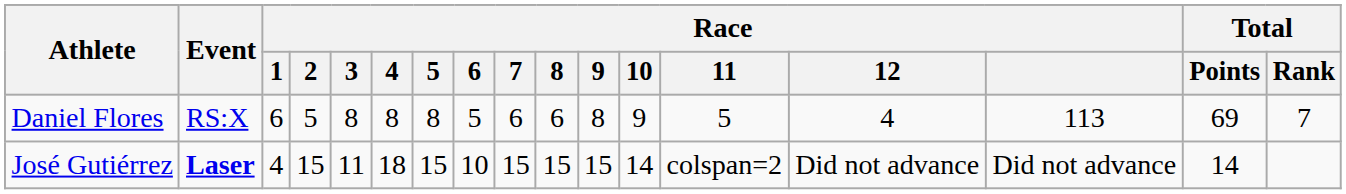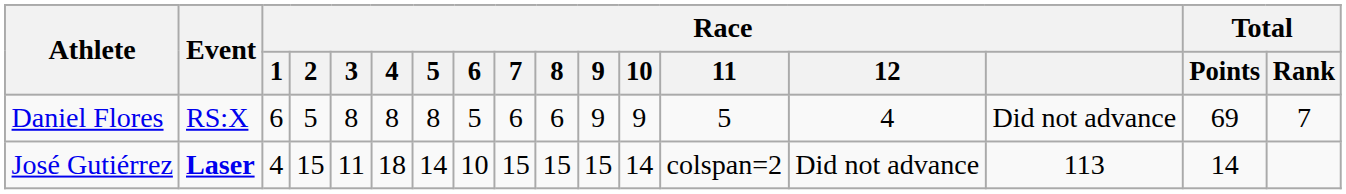 <table class=wikitable style=font-size:90%;text-align:center>
 <tr>
 <th rowspan=2>Athlete</th>
 <th rowspan=2>Event</th>
 <th colspan=13>Race</th>
 <th colspan=2>Total</th>
 </tr>
 <tr style=font-size:95%>
 <th>1</th>
 <th>2</th>
 <th>3</th>
 <th>4</th>
 <th>5</th>
 <th>6</th>
 <th>7</th>
 <th>8</th>
 <th>9</th>
 <th>10</th>
 <th>11</th>
 <th>12</th>
 <th></th>
 <th>Points</th>
 <th>Rank</th>
 </tr>
 <tr>
 <td align=left><a href='#'>Daniel Flores</a></td>
 <td align=left><a href='#'>RS:X</a></td>
 <td>6</td>
 <td>5</td>
 <td>8</td>
 <td>8</td>
 <td>8</td>
 <td>5</td>
 <td>6</td>
 <td>6</td>
-<td>8</td>
+<td>9</td>
 <td>9</td>
 <td>5</td>
 <td>4</td>
-<td>113</td>
+<td>Did not advance</td>
 <td>69</td>
 <td>7</td>
 </tr>
 <tr>
 <td align=left><a href='#'>José Gutiérrez</a></td>
 <td align=left><strong><a href='#'>Laser</a></strong></td>
 <td>4</td>
 <td>15</td>
 <td>11</td>
 <td>18</td>
-<td>15</td>
+<td>14</td>
 <td>10</td>
 <td>15</td>
 <td>15</td>
 <td>15</td>
 <td>14</td>
 <td>colspan=2 </td>
 <td>Did not advance</td>
-<td>Did not advance</td>
+<td>113</td>
 <td>14</td>
 </tr>
 </table>
